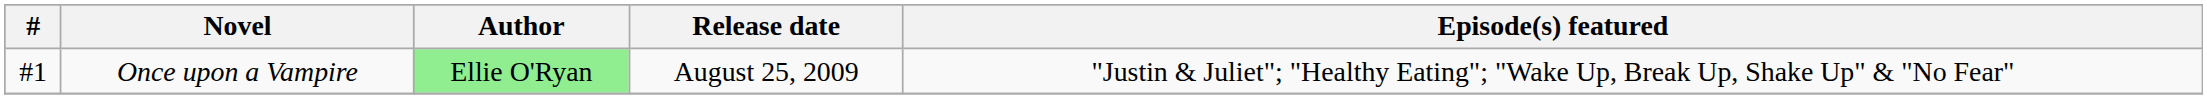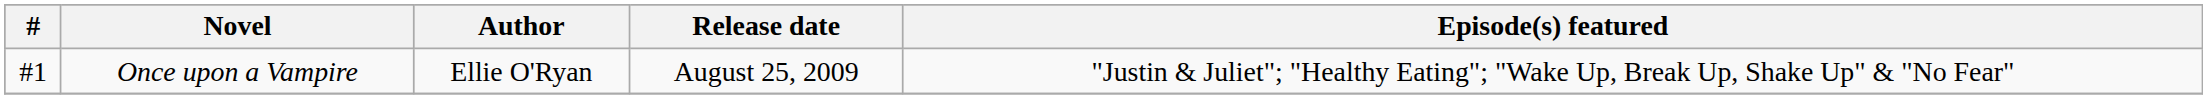 <table class="wikitable sortable" width="100%" border="1" style="font-size: 100%; text-align:center">
 <tr>
 <th>#</th>
 <th>Novel</th>
 <th>Author</th>
 <th>Release date</th>
 <th>Episode(s) featured</th>
 </tr>
 <tr>
 <td>#1</td>
 <td><em>Once upon a Vampire</em></td>
-<td style="background: lightgreen;">Ellie O'Ryan</td>
+<td>Ellie O'Ryan</td>
 <td>August 25, 2009</td>
 <td>"Justin & Juliet"; "Healthy Eating"; "Wake Up, Break Up, Shake Up" & "No Fear"</td>
 </tr>
 <tr>
 </tr>
 </table>
